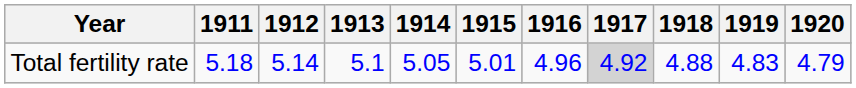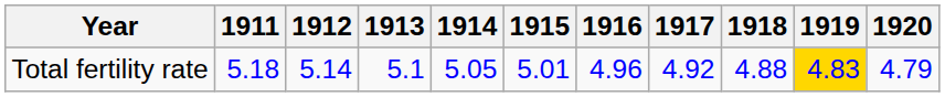 <table class="wikitable " style="text-align:right">
 <tr>
 <th>Year</th>
 <th>1911</th>
 <th>1912</th>
 <th>1913</th>
 <th>1914</th>
 <th>1915</th>
 <th>1916</th>
 <th>1917</th>
 <th>1918</th>
 <th>1919</th>
 <th>1920</th>
 </tr>
 <tr>
 <td align="left">Total fertility rate</td>
 <td style="text-align:right; color:blue;">5.18</td>
 <td style="text-align:right; color:blue;">5.14</td>
 <td style="text-align:right; color:blue;">5.1</td>
 <td style="text-align:right; color:blue;">5.05</td>
 <td style="text-align:right; color:blue;">5.01</td>
 <td style="text-align:right; color:blue;">4.96</td>
-<td style="background: lightgrey; text-align:right; color:blue;">4.92</td>
+<td style="text-align:right; color:blue;">4.92</td>
 <td style="text-align:right; color:blue;">4.88</td>
-<td style="text-align:right; color:blue;">4.83</td>
+<td style="background: gold; text-align:right; color:blue;">4.83</td>
 <td style="text-align:right; color:blue;">4.79</td>
 </tr>
 </table>
